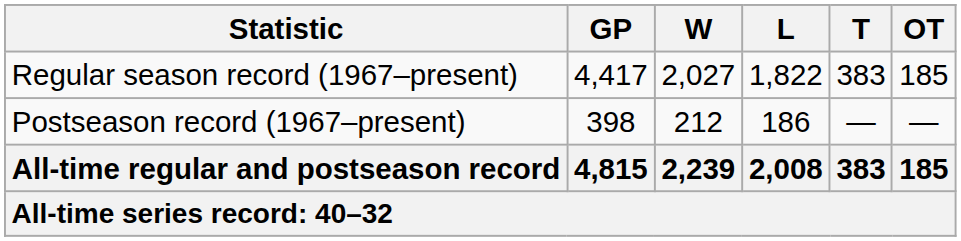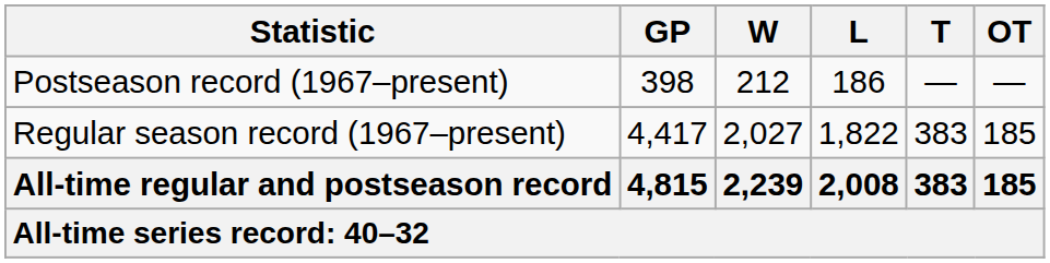 <table class="wikitable" style="text-align:center; font-size:95%">
 <tr>
 <th>Statistic</th>
 <th>GP</th>
 <th>W</th>
 <th>L</th>
 <th>T</th>
 <th>OT</th>
 </tr>
 <tr>
+<td style="text-align:left;">Postseason record (1967–present)</td>
+<td>398</td>
+<td>212</td>
+<td>186</td>
+<td>—</td>
+<td>—</td>
+</tr>
+<tr>
 <td style="text-align:left;">Regular season record (1967–present)</td>
 <td>4,417</td>
 <td>2,027</td>
 <td>1,822</td>
 <td>383</td>
 <td>185</td>
-</tr>
-<tr>
-<td style="text-align:left;">Postseason record (1967–present)</td>
-<td>398</td>
-<td>212</td>
-<td>186</td>
-<td>—</td>
-<td>—</td>
 </tr>
 <tr>
 <th style="text-align:left;">All-time regular and postseason record</th>
 <th>4,815</th>
 <th>2,239</th>
 <th>2,008</th>
 <th>383</th>
 <th>185</th>
 </tr>
 <tr>
 <th colspan="6" style="text-align:left; font-size:95%">All-time series record: 40–32</th>
 </tr>
 </table>
